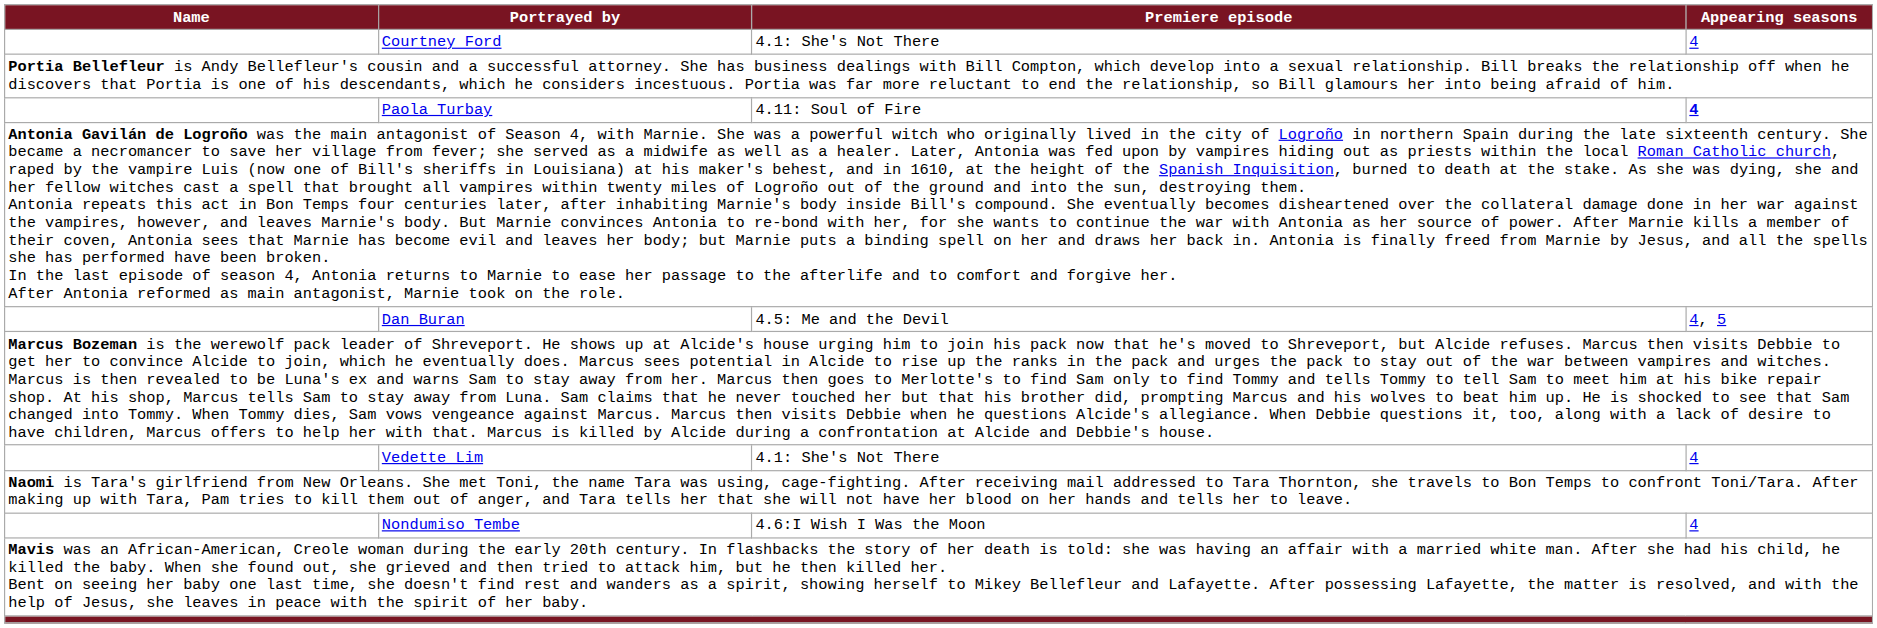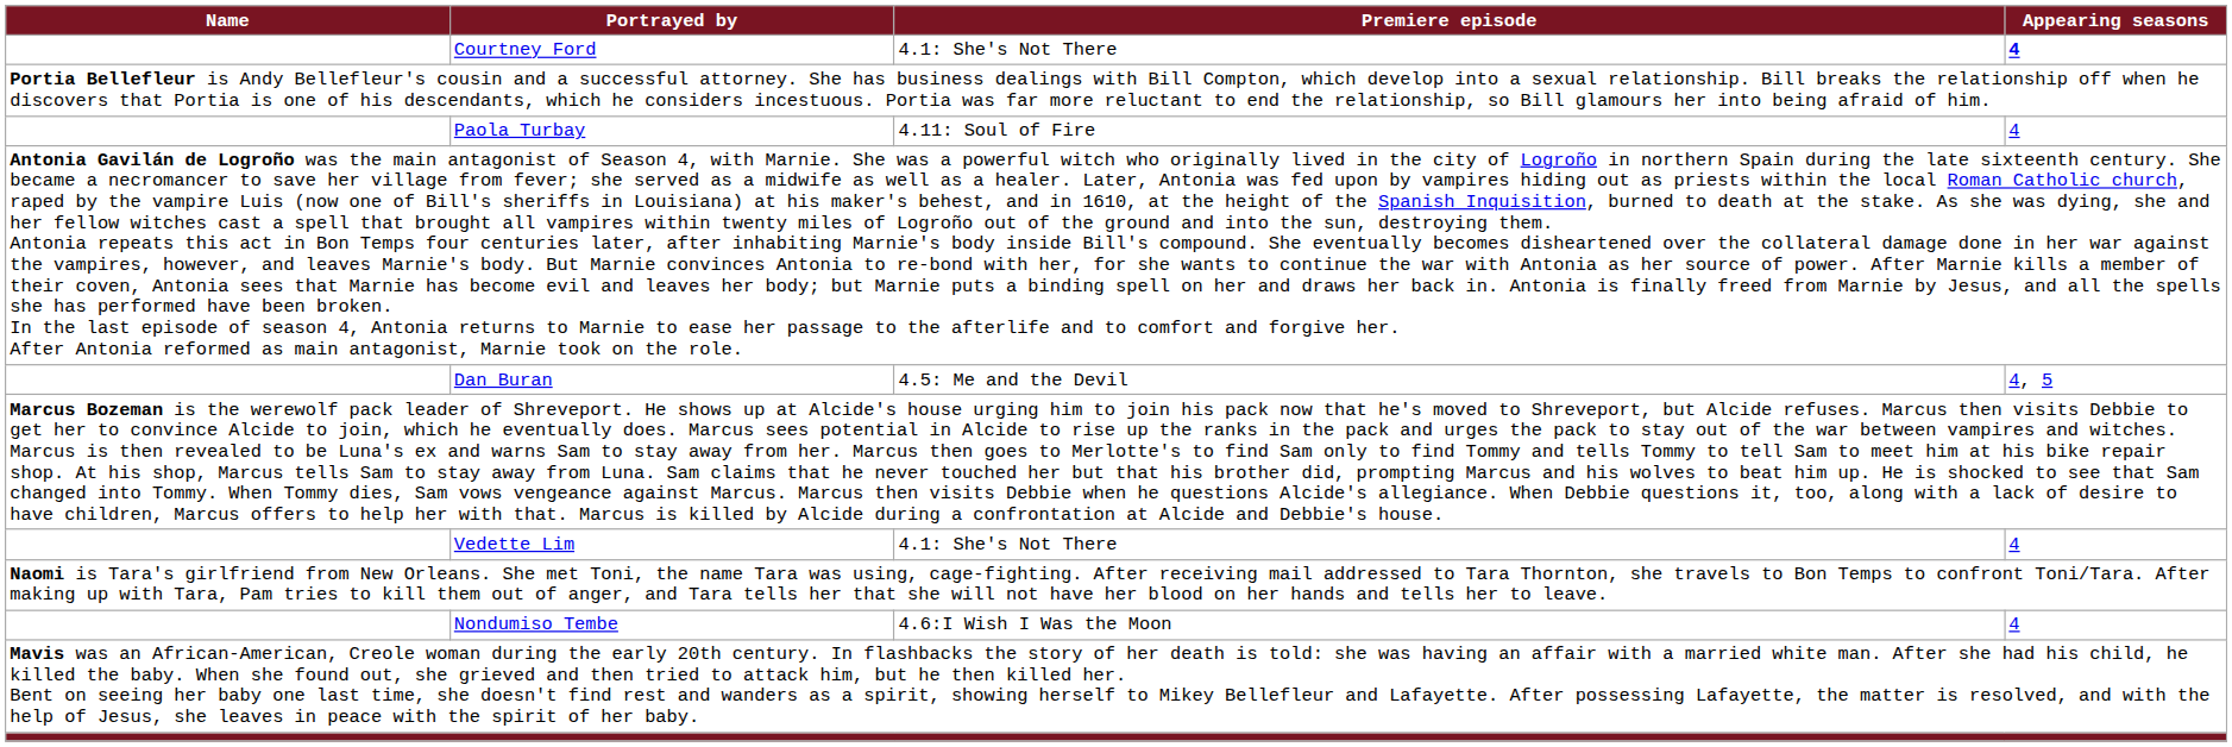 <table class="wikitable" style="width:100%; margin-right:auto; background: #FFFFFF;">
 <tr style="color:white">
 <th style="background-color:#791422; width:20%">Name</th>
 <th style="background-color:#791422; width:20%">Portrayed by</th>
 <th style="background-color:#791422; width:50%">Premiere episode</th>
 <th style="background-color:#791422; width:10%">Appearing seasons</th>
 </tr>
 <tr>
 <td></td>
 <td><a href='#'>Courtney Ford</a></td>
 <td>4.1: She's Not There</td>
-<td><a href='#'>4</a></td>
+<td><strong><a href='#'>4</a></strong></td>
 </tr>
 <tr>
 <td colspan="5"><strong>Portia Bellefleur</strong> is Andy Bellefleur's cousin and a successful attorney. She has business dealings with Bill Compton, which develop into a sexual relationship. Bill breaks the relationship off when he discovers that Portia is one of his descendants, which he considers incestuous. Portia was far more reluctant to end the relationship, so Bill glamours her into being afraid of him.</td>
 </tr>
 <tr>
 <td></td>
 <td><a href='#'>Paola Turbay</a></td>
 <td>4.11: Soul of Fire</td>
-<td><strong><a href='#'>4</a></strong></td>
+<td><a href='#'>4</a></td>
 </tr>
 <tr>
 <td colspan="5"><strong>Antonia Gavilán de Logroño</strong> was the main antagonist of Season 4, with Marnie. She was a powerful witch who originally lived in the city of <a href='#'>Logroño</a> in northern Spain during the late sixteenth century.  She became a necromancer to save her village from fever; she served as a midwife as well as a healer.  Later, Antonia was fed upon by vampires hiding out as priests within the local <a href='#'>Roman Catholic church</a>, raped by the vampire Luis (now one of Bill's sheriffs in Louisiana) at his maker's behest, and in 1610, at the height of the <a href='#'>Spanish Inquisition</a>, burned to death at the stake.  As she was dying, she and her fellow witches cast a spell that brought all vampires within twenty miles of Logroño out of the ground and into the sun, destroying them.<br>Antonia repeats this act in Bon Temps four centuries later, after inhabiting Marnie's body inside Bill's compound. She eventually becomes disheartened over the collateral damage done in her war against the vampires, however, and leaves Marnie's body. But Marnie convinces Antonia to re-bond with her, for she wants to continue the war with Antonia as her source of power.  After Marnie kills a member of their coven, Antonia sees that Marnie has become evil and leaves her body; but Marnie puts a binding spell on her and draws her back in. Antonia is finally freed from Marnie by Jesus, and all the spells she has performed have been broken.<br>In the last episode of season 4, Antonia returns to Marnie to ease her passage to the afterlife and to comfort and forgive her.<br>After Antonia reformed as main antagonist, Marnie took on the role.</td>
 </tr>
 <tr>
 <td></td>
 <td><a href='#'>Dan Buran</a></td>
 <td>4.5: Me and the Devil</td>
 <td><a href='#'>4</a>, <a href='#'>5</a></td>
 </tr>
 <tr>
 <td colspan="5"><strong>Marcus Bozeman</strong> is the werewolf pack leader of Shreveport. He shows up at Alcide's house urging him to join his pack now that he's moved to Shreveport, but Alcide refuses. Marcus then visits Debbie to get her to convince Alcide to join, which he eventually does. Marcus sees potential in Alcide to rise up the ranks in the pack and urges the pack to stay out of the war between vampires and witches. Marcus is then revealed to be Luna's ex and warns Sam to stay away from her. Marcus then goes to Merlotte's to find Sam only to find Tommy and tells Tommy to tell Sam to meet him at his bike repair shop. At his shop, Marcus tells Sam to stay away from Luna. Sam claims that he never touched her but that his brother did, prompting Marcus and his wolves to beat him up. He is shocked to see that Sam changed into Tommy. When Tommy dies, Sam vows vengeance against Marcus. Marcus then visits Debbie when he questions Alcide's allegiance. When Debbie questions it, too, along with a lack of desire to have children, Marcus offers to help her with that. Marcus is killed by Alcide during a confrontation at Alcide and Debbie's house.</td>
 </tr>
 <tr>
 <td></td>
 <td><a href='#'>Vedette Lim</a></td>
 <td>4.1: She's Not There</td>
 <td><a href='#'>4</a></td>
 </tr>
 <tr>
 <td colspan="5"><strong>Naomi</strong> is Tara's girlfriend from New Orleans. She met Toni, the name Tara was using, cage-fighting. After receiving mail addressed to Tara Thornton, she travels to Bon Temps to confront Toni/Tara. After making up with Tara, Pam tries to kill them out of anger, and Tara tells her that she will not have her blood on her hands and tells her to leave.</td>
 </tr>
 <tr>
 <td></td>
 <td><a href='#'>Nondumiso Tembe</a></td>
 <td>4.6:I Wish I Was the Moon</td>
 <td><a href='#'>4</a></td>
 </tr>
 <tr>
 <td colspan="5"><strong>Mavis</strong> was an African-American, Creole woman during the early 20th century. In flashbacks the story of her death is told: she was having an affair with a married white man. After she had his child, he killed the baby. When she found out, she grieved and then tried to attack him, but he then killed her.<br>Bent on seeing her baby one last time, she doesn't find rest and wanders as a spirit, showing herself to Mikey Bellefleur and Lafayette. After possessing Lafayette, the matter is resolved, and with the help of Jesus, she leaves in peace with the spirit of her baby.</td>
 </tr>
 <tr>
 <td colspan="5" bgcolor="#791422"></td>
 </tr>
 <tr>
 </tr>
 </table>
